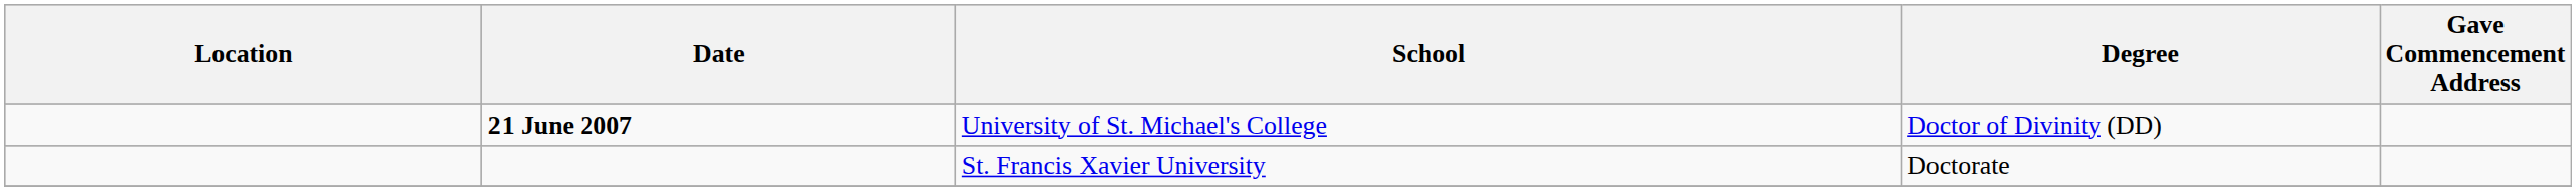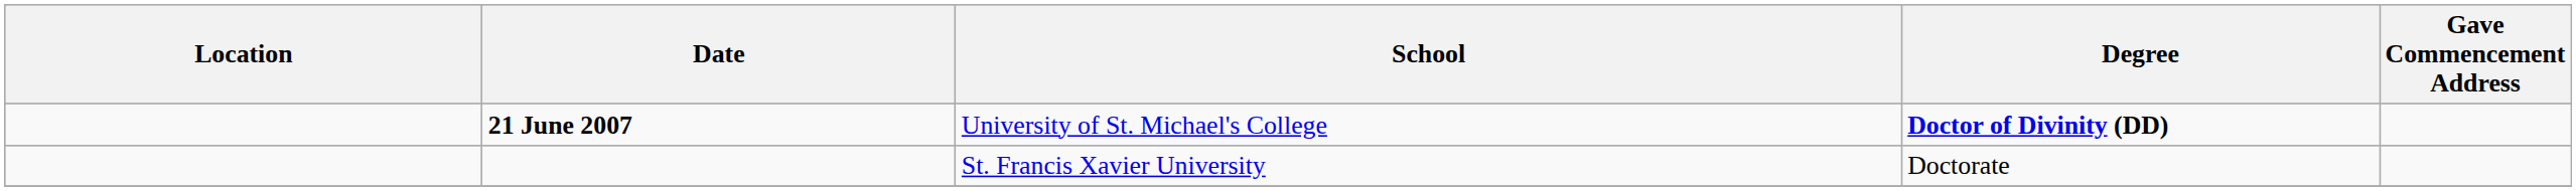 <table class="wikitable" style="width:100%;">
 <tr>
 <th style="width:20%;">Location</th>
 <th style="width:20%;">Date</th>
 <th style="width:40%;">School</th>
 <th style="width:20%;">Degree</th>
 <th style="width:20%;">Gave Commencement Address</th>
 </tr>
 <tr>
 <td></td>
 <td><strong>21 June 2007</strong></td>
 <td><a href='#'>University of St. Michael's College</a></td>
-<td><a href='#'>Doctor of Divinity</a> (DD)</td>
+<td><strong><a href='#'>Doctor of Divinity</a> (DD)</strong></td>
 <td></td>
 </tr>
 <tr>
 <td></td>
 <td></td>
 <td><a href='#'>St. Francis Xavier University</a></td>
 <td>Doctorate</td>
 <td></td>
 </tr>
 <tr>
 </tr>
 </table>
